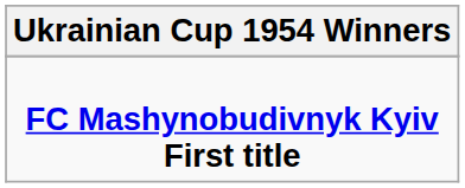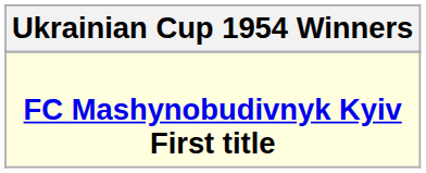 <table class="wikitable" style="text-align: center; margin: 0 auto;">
 <tr>
 <th>Ukrainian Cup 1954 Winners</th>
 </tr>
 <tr>
 </tr>
 <tr>
-<td><br><strong><a href='#'>FC Mashynobudivnyk Kyiv</a></strong><br><strong>First title</strong></td>
+<td style="background: lightyellow;"><br><strong><a href='#'>FC Mashynobudivnyk Kyiv</a></strong><br><strong>First title</strong></td>
 </tr>
 </table>
